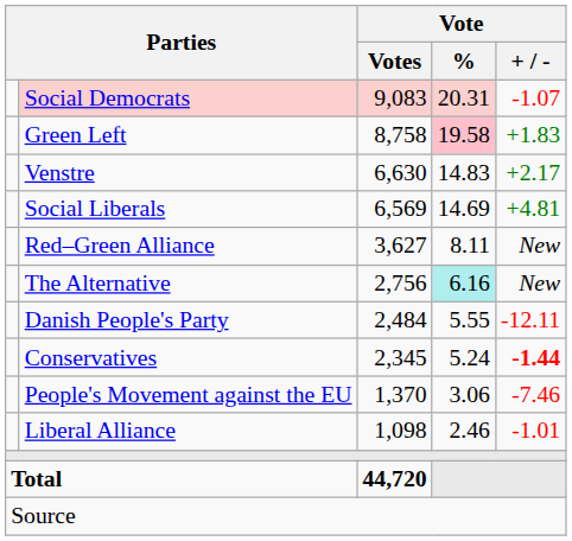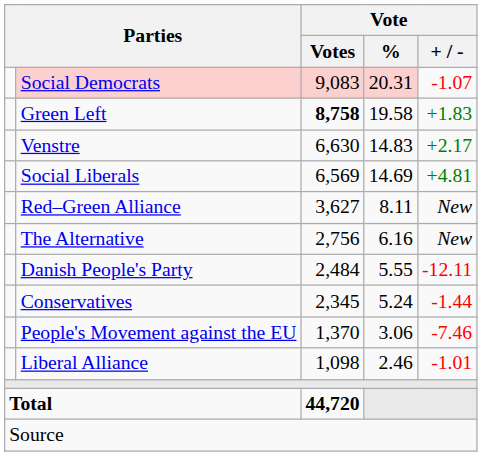 <table class="wikitable" style="text-align:right;">
 <tr>
 <th style="text-align:centre;" rowspan="2" colspan="2" width="225">Parties</th>
 <th colspan="3">Vote</th>
 </tr>
 <tr>
 <th width="15">Votes</th>
 <th width="15">%</th>
 <th width="15">+ / -</th>
 </tr>
 <tr>
 <td width="2" style="color:inherit;background:"></td>
 <td bgcolor=#fbd0ce   align="left"><a href='#'>Social Democrats</a></td>
 <td bgcolor=#fbd0ce>9,083</td>
 <td bgcolor=#fbd0ce>20.31</td>
 <td style=color:red;>-1.07</td>
 </tr>
 <tr>
 <td width="2" style="color:inherit;background:"></td>
 <td align="left"><a href='#'>Green Left</a></td>
-<td>8,758</td>
-<td style="background: pink;">19.58</td>
+<td><strong>8,758</strong></td>
+<td>19.58</td>
 <td style=color:green;>+1.83</td>
 </tr>
 <tr>
 <td width="2" style="color:inherit;background:"></td>
 <td align="left"><a href='#'>Venstre</a></td>
 <td>6,630</td>
 <td>14.83</td>
 <td style=color:green;>+2.17</td>
 </tr>
 <tr>
 <td width="2" style="color:inherit;background:"></td>
 <td align="left"><a href='#'>Social Liberals</a></td>
 <td>6,569</td>
 <td>14.69</td>
 <td style=color:green;>+4.81</td>
 </tr>
 <tr>
 <td width="2" style="color:inherit;background:"></td>
 <td align="left"><a href='#'>Red–Green Alliance</a></td>
 <td>3,627</td>
 <td>8.11</td>
 <td><em>New</em></td>
 </tr>
 <tr>
 <td width="2" style="color:inherit;background:"></td>
 <td align="left"><a href='#'>The Alternative</a></td>
 <td>2,756</td>
-<td style="background: paleturquoise;">6.16</td>
+<td>6.16</td>
 <td><em>New</em></td>
 </tr>
 <tr>
 <td width="2" style="color:inherit;background:"></td>
 <td align="left"><a href='#'>Danish People's Party</a></td>
 <td>2,484</td>
 <td>5.55</td>
 <td style=color:red;>-12.11</td>
 </tr>
 <tr>
 <td width="2" style="color:inherit;background:"></td>
 <td align="left"><a href='#'>Conservatives</a></td>
 <td>2,345</td>
 <td>5.24</td>
-<td style=color:red;><strong>-1.44</strong></td>
+<td style=color:red;>-1.44</td>
 </tr>
 <tr>
 <td width="2" style="color:inherit;background:"></td>
 <td align="left"><a href='#'>People's Movement against the EU</a></td>
 <td>1,370</td>
 <td>3.06</td>
 <td style=color:red;>-7.46</td>
 </tr>
 <tr>
 <td width="2" style="color:inherit;background:"></td>
 <td align="left"><a href='#'>Liberal Alliance</a></td>
 <td>1,098</td>
 <td>2.46</td>
 <td style=color:red;>-1.01</td>
 </tr>
 <tr>
 <td colspan="7" bgcolor="#E9E9E9"></td>
 </tr>
 <tr>
 <td align="left" colspan="2"><strong>Total</strong></td>
 <td><strong>44,720</strong></td>
 <td bgcolor="#E9E9E9" colspan="2"></td>
 </tr>
 <tr>
 <td align="left" colspan="6">Source</td>
 </tr>
 </table>
